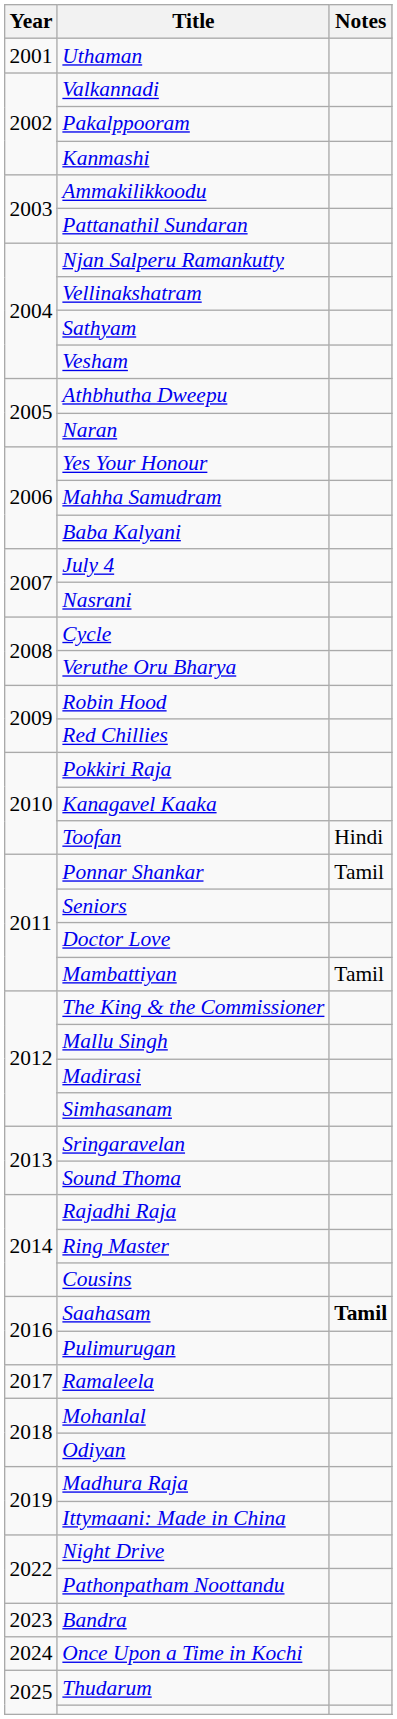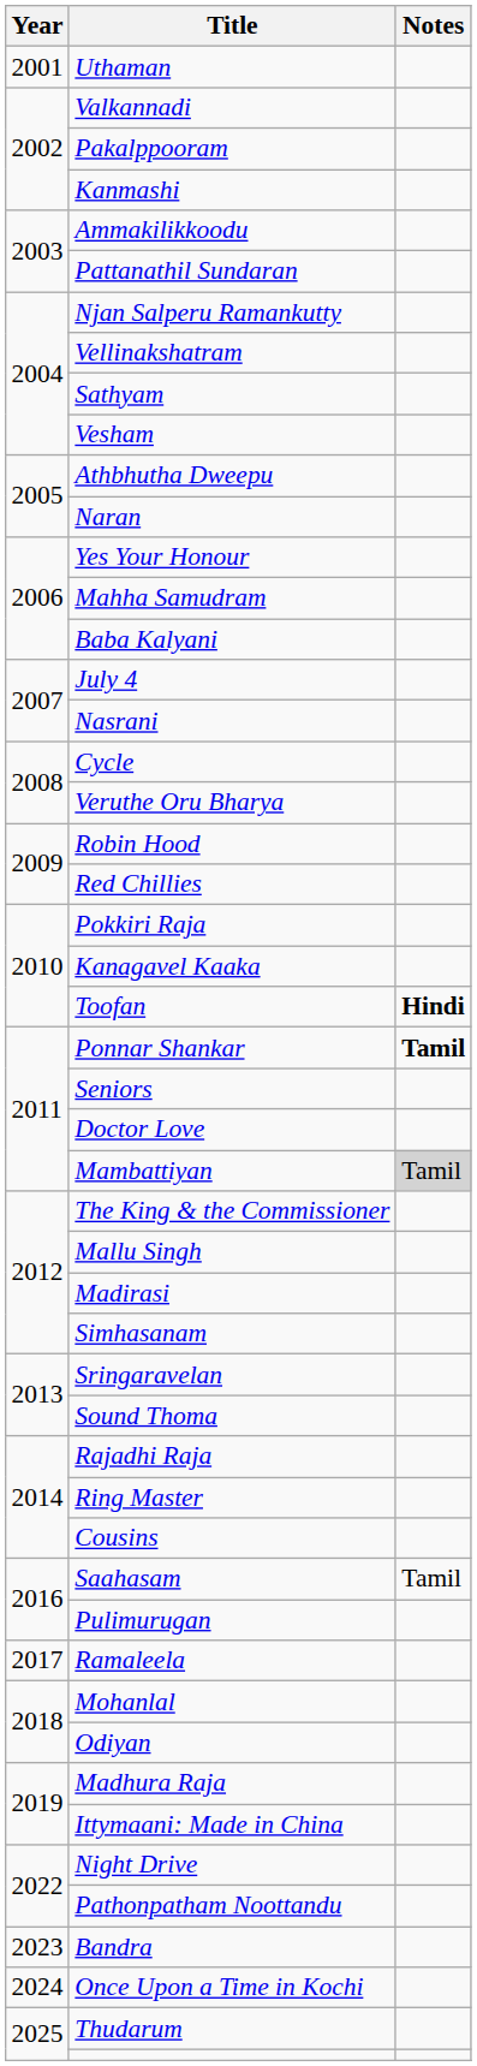 <table class="wikitable sortable">
 <tr>
 <th scope="col">Year</th>
 <th scope="col">Title</th>
 <th scope="col" class="unsortable">Notes</th>
 </tr>
 <tr>
 <td>2001</td>
 <td><em><a href='#'>Uthaman</a></em></td>
 <td></td>
 </tr>
 <tr>
 <td rowspan=3>2002</td>
 <td><em><a href='#'>Valkannadi</a></em></td>
 <td></td>
 </tr>
 <tr>
 <td><em><a href='#'>Pakalppooram</a></em></td>
 <td></td>
 </tr>
 <tr>
 <td><em><a href='#'>Kanmashi</a></em></td>
 <td></td>
 </tr>
 <tr>
 <td rowspan=2>2003</td>
 <td><em><a href='#'>Ammakilikkoodu</a></em></td>
 <td></td>
 </tr>
 <tr>
 <td><em><a href='#'>Pattanathil Sundaran</a></em></td>
 <td></td>
 </tr>
 <tr>
 <td rowspan=4>2004</td>
 <td><em><a href='#'>Njan Salperu Ramankutty</a></em></td>
 <td></td>
 </tr>
 <tr>
 <td><em><a href='#'>Vellinakshatram</a></em></td>
 <td></td>
 </tr>
 <tr>
 <td><em><a href='#'>Sathyam</a></em></td>
 <td></td>
 </tr>
 <tr>
 <td><em><a href='#'>Vesham</a></em></td>
 <td></td>
 </tr>
 <tr>
 <td rowspan=2>2005</td>
 <td><em><a href='#'>Athbhutha Dweepu</a></em></td>
 <td></td>
 </tr>
 <tr>
 <td><em><a href='#'>Naran</a></em></td>
 <td></td>
 </tr>
 <tr>
 <td rowspan=3>2006</td>
 <td><em><a href='#'>Yes Your Honour</a></em></td>
 <td></td>
 </tr>
 <tr>
 <td><em><a href='#'>Mahha Samudram</a></em></td>
 <td></td>
 </tr>
 <tr>
 <td><em><a href='#'>Baba Kalyani</a></em></td>
 <td></td>
 </tr>
 <tr>
 <td rowspan=2>2007</td>
 <td><em><a href='#'>July 4</a></em></td>
 <td></td>
 </tr>
 <tr>
 <td><em><a href='#'>Nasrani</a></em></td>
 <td></td>
 </tr>
 <tr>
 <td rowspan=2>2008</td>
 <td><em><a href='#'>Cycle</a></em></td>
 <td></td>
 </tr>
 <tr>
 <td><em><a href='#'>Veruthe Oru Bharya</a></em></td>
 <td></td>
 </tr>
 <tr>
 <td rowspan=2>2009</td>
 <td><em><a href='#'>Robin Hood</a></em></td>
 <td></td>
 </tr>
 <tr>
 <td><em><a href='#'>Red Chillies</a></em></td>
 <td></td>
 </tr>
 <tr>
 <td rowspan=3>2010</td>
 <td><em><a href='#'>Pokkiri Raja</a></em></td>
 <td></td>
 </tr>
 <tr>
 <td><em><a href='#'>Kanagavel Kaaka</a></em></td>
 <td></td>
 </tr>
 <tr>
 <td><em><a href='#'>Toofan</a></em></td>
-<td>Hindi</td>
+<td><strong>Hindi</strong></td>
 </tr>
 <tr>
 <td rowspan=4>2011</td>
 <td><em><a href='#'>Ponnar Shankar</a></em></td>
-<td>Tamil</td>
+<td><strong>Tamil</strong></td>
 </tr>
 <tr>
 <td><em><a href='#'>Seniors</a></em></td>
 <td></td>
 </tr>
 <tr>
 <td><em><a href='#'>Doctor Love</a></em></td>
 <td></td>
 </tr>
 <tr>
 <td><em><a href='#'>Mambattiyan</a></em></td>
-<td>Tamil</td>
+<td style="background: lightgrey;">Tamil</td>
 </tr>
 <tr>
 <td rowspan=4>2012</td>
 <td><em><a href='#'>The King & the Commissioner</a></em></td>
 <td></td>
 </tr>
 <tr>
 <td><em><a href='#'>Mallu Singh</a></em></td>
 <td></td>
 </tr>
 <tr>
 <td><em><a href='#'>Madirasi</a></em></td>
 <td></td>
 </tr>
 <tr>
 <td><em><a href='#'>Simhasanam</a></em></td>
 <td></td>
 </tr>
 <tr>
 <td rowspan=2>2013</td>
 <td><em><a href='#'>Sringaravelan</a></em></td>
 <td></td>
 </tr>
 <tr>
 <td><em><a href='#'>Sound Thoma</a></em></td>
 <td></td>
 </tr>
 <tr>
 <td rowspan=3>2014</td>
 <td><em><a href='#'>Rajadhi Raja</a></em></td>
 <td></td>
 </tr>
 <tr>
 <td><em><a href='#'>Ring Master</a></em></td>
 <td></td>
 </tr>
 <tr>
 <td><em><a href='#'>Cousins</a></em></td>
 <td></td>
 </tr>
 <tr>
 <td rowspan=2>2016</td>
 <td><em><a href='#'>Saahasam</a></em></td>
-<td><strong>Tamil</strong></td>
+<td>Tamil</td>
 </tr>
 <tr>
 <td><em><a href='#'>Pulimurugan</a></em></td>
 <td></td>
 </tr>
 <tr>
 <td>2017</td>
 <td><em><a href='#'>Ramaleela</a></em></td>
 <td></td>
 </tr>
 <tr>
 <td rowspan=2>2018</td>
 <td><em><a href='#'>Mohanlal</a></em></td>
 <td></td>
 </tr>
 <tr>
 <td><em><a href='#'>Odiyan</a></em></td>
 <td></td>
 </tr>
 <tr>
 <td rowspan=2>2019</td>
 <td><em><a href='#'>Madhura Raja</a></em></td>
 <td></td>
 </tr>
 <tr>
 <td><em><a href='#'>Ittymaani: Made in China</a></em></td>
 <td></td>
 </tr>
 <tr>
 <td rowspan=2>2022</td>
 <td><em><a href='#'>Night Drive</a></em></td>
 <td></td>
 </tr>
 <tr>
 <td><em><a href='#'>Pathonpatham Noottandu</a></em></td>
 <td></td>
 </tr>
 <tr>
 <td>2023</td>
 <td><em><a href='#'>Bandra</a></em></td>
 <td></td>
 </tr>
 <tr>
 <td>2024</td>
 <td><em><a href='#'>Once Upon a Time in Kochi</a></em></td>
 <td></td>
 </tr>
 <tr>
 <td rowspan=2>2025</td>
 <td><em><a href='#'>Thudarum</a></em></td>
 <td></td>
 </tr>
 <tr>
 <td></td>
 <td></td>
 </tr>
 <tr>
 </tr>
 </table>
